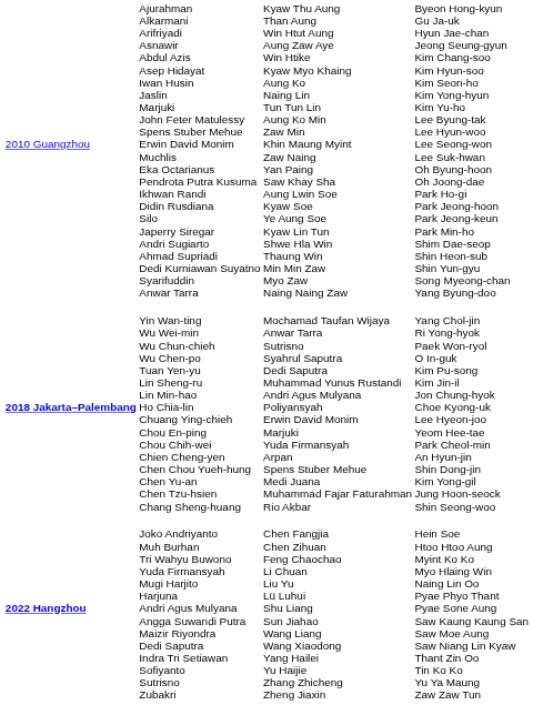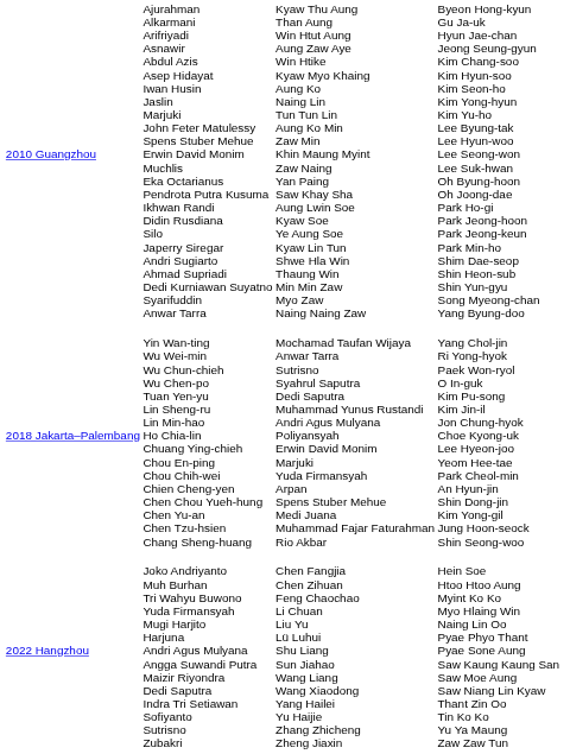 <table>
 <tr>
 <td><a href='#'>2010 Guangzhou</a></td>
 <td><br>Ajurahman<br>Alkarmani<br>Arifriyadi<br>Asnawir<br>Abdul Azis<br>Asep Hidayat<br>Iwan Husin<br>Jaslin<br>Marjuki<br>John Feter Matulessy<br>Spens Stuber Mehue<br>Erwin David Monim<br>Muchlis<br>Eka Octarianus<br>Pendrota Putra Kusuma<br>Ikhwan Randi<br>Didin Rusdiana<br>Silo<br>Japerry Siregar<br>Andri Sugiarto<br>Ahmad Supriadi<br>Dedi Kurniawan Suyatno<br>Syarifuddin<br>Anwar Tarra</td>
 <td><br>Kyaw Thu Aung<br>Than Aung<br>Win Htut Aung<br>Aung Zaw Aye<br>Win Htike<br>Kyaw Myo Khaing<br>Aung Ko<br>Naing Lin<br>Tun Tun Lin<br>Aung Ko Min<br>Zaw Min<br>Khin Maung Myint<br>Zaw Naing<br>Yan Paing<br>Saw Khay Sha<br>Aung Lwin Soe<br>Kyaw Soe<br>Ye Aung Soe<br>Kyaw Lin Tun<br>Shwe Hla Win<br>Thaung Win<br>Min Min Zaw<br>Myo Zaw<br>Naing Naing Zaw</td>
 <td><br>Byeon Hong-kyun<br>Gu Ja-uk<br>Hyun Jae-chan<br>Jeong Seung-gyun<br>Kim Chang-soo<br>Kim Hyun-soo<br>Kim Seon-ho<br>Kim Yong-hyun<br>Kim Yu-ho<br>Lee Byung-tak<br>Lee Hyun-woo<br>Lee Seong-won<br>Lee Suk-hwan<br>Oh Byung-hoon<br>Oh Joong-dae<br>Park Ho-gi<br>Park Jeong-hoon<br>Park Jeong-keun<br>Park Min-ho<br>Shim Dae-seop<br>Shin Heon-sub<br>Shin Yun-gyu<br>Song Myeong-chan<br>Yang Byung-doo</td>
 </tr>
 <tr>
-<td><strong><a href='#'>2018 Jakarta–Palembang</a></strong></td>
+<td><a href='#'>2018 Jakarta–Palembang</a></td>
 <td><br>Yin Wan-ting<br>Wu Wei-min<br>Wu Chun-chieh<br>Wu Chen-po<br>Tuan Yen-yu<br>Lin Sheng-ru<br>Lin Min-hao<br>Ho Chia-lin<br>Chuang Ying-chieh<br>Chou En-ping<br>Chou Chih-wei<br>Chien Cheng-yen<br>Chen Chou Yueh-hung<br>Chen Yu-an<br>Chen Tzu-hsien<br>Chang Sheng-huang</td>
 <td><br>Mochamad Taufan Wijaya<br>Anwar Tarra<br>Sutrisno<br>Syahrul Saputra<br>Dedi Saputra<br>Muhammad Yunus Rustandi<br>Andri Agus Mulyana<br>Poliyansyah<br>Erwin David Monim<br>Marjuki<br>Yuda Firmansyah<br>Arpan<br>Spens Stuber Mehue<br>Medi Juana<br>Muhammad Fajar Faturahman<br>Rio Akbar</td>
 <td><br>Yang Chol-jin<br>Ri Yong-hyok<br>Paek Won-ryol<br>O In-guk<br>Kim Pu-song<br>Kim Jin-il<br>Jon Chung-hyok<br>Choe Kyong-uk<br>Lee Hyeon-joo<br>Yeom Hee-tae<br>Park Cheol-min<br>An Hyun-jin<br>Shin Dong-jin<br>Kim Yong-gil<br>Jung Hoon-seock<br>Shin Seong-woo</td>
 </tr>
 <tr>
-<td><strong><a href='#'>2022 Hangzhou</a></strong></td>
+<td><a href='#'>2022 Hangzhou</a></td>
 <td><br>Joko Andriyanto<br>Muh Burhan<br>Tri Wahyu Buwono<br>Yuda Firmansyah<br>Mugi Harjito<br>Harjuna<br>Andri Agus Mulyana<br>Angga Suwandi Putra<br>Maizir Riyondra<br>Dedi Saputra<br>Indra Tri Setiawan<br>Sofiyanto<br>Sutrisno<br>Zubakri</td>
 <td><br>Chen Fangjia<br>Chen Zihuan<br>Feng Chaochao<br>Li Chuan<br>Liu Yu<br>Lü Luhui<br>Shu Liang<br>Sun Jiahao<br>Wang Liang<br>Wang Xiaodong<br>Yang Hailei<br>Yu Haijie<br>Zhang Zhicheng<br>Zheng Jiaxin</td>
 <td><br>Hein Soe<br>Htoo Htoo Aung<br>Myint Ko Ko<br>Myo Hlaing Win<br>Naing Lin Oo<br>Pyae Phyo Thant<br>Pyae Sone Aung<br>Saw Kaung Kaung San<br>Saw Moe Aung<br>Saw Niang Lin Kyaw<br>Thant Zin Oo<br>Tin Ko Ko<br>Yu Ya Maung<br>Zaw Zaw Tun</td>
 </tr>
 </table>
